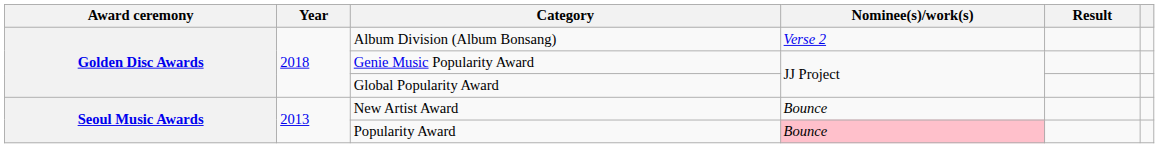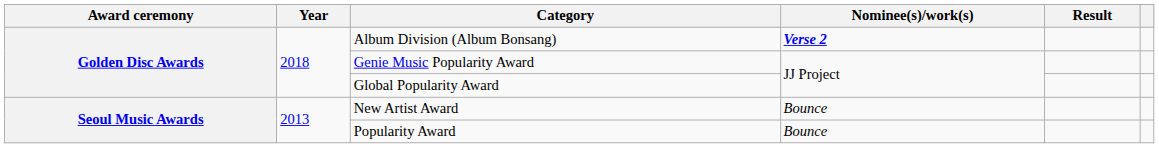 <table class="wikitable sortable plainrowheaders" style="width: 100%;">
 <tr style="background:#ccc; text-align:center;">
 <th scope="col">Award ceremony</th>
 <th scope="col">Year</th>
 <th scope="col">Category</th>
 <th scope="col">Nominee(s)/work(s)</th>
 <th scope="col">Result</th>
 <th scope="col" class="unsortable"></th>
 </tr>
 <tr>
 <th scope="row" rowspan="3"><a href='#'>Golden Disc Awards</a></th>
 <td scope="row" rowspan="3"><a href='#'>2018</a></td>
 <td>Album Division (Album Bonsang)</td>
-<td><em><a href='#'>Verse 2</a></em></td>
+<td><strong><em><a href='#'>Verse 2</a></em></strong></td>
 <td></td>
 <td style="text-align:center;"></td>
 </tr>
 <tr>
 <td><a href='#'>Genie Music</a> Popularity Award</td>
 <td rowspan="2">JJ Project</td>
 <td></td>
 <td style="text-align:center;"></td>
 </tr>
 <tr>
 <td>Global Popularity Award</td>
 <td></td>
 <td style="text-align:center;"></td>
 </tr>
 <tr>
 <th scope="row" rowspan="2"><a href='#'>Seoul Music Awards</a></th>
 <td scope="row" rowspan="2"><a href='#'>2013</a></td>
 <td>New Artist Award</td>
 <td><em>Bounce</em></td>
 <td></td>
 <td style="text-align:center;"></td>
 </tr>
 <tr>
 <td>Popularity Award</td>
-<td style="background: pink;"><em>Bounce</em></td>
+<td><em>Bounce</em></td>
 <td></td>
 <td style="text-align:center;"></td>
 </tr>
 </table>
